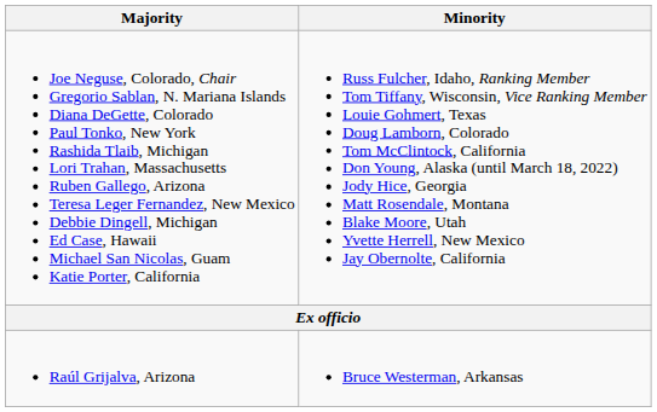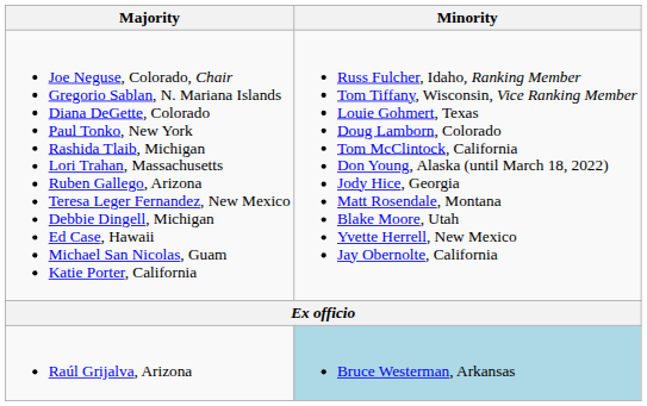 <table class=wikitable>
 <tr>
 <th>Majority</th>
 <th>Minority</th>
 </tr>
 <tr valign=top>
 <td><br><ul><li><a href='#'>Joe Neguse</a>, Colorado, <em>Chair</em></li><li><a href='#'>Gregorio Sablan</a>, N. Mariana Islands</li><li><a href='#'>Diana DeGette</a>, Colorado</li><li><a href='#'>Paul Tonko</a>, New York</li><li><a href='#'>Rashida Tlaib</a>, Michigan</li><li><a href='#'>Lori Trahan</a>, Massachusetts</li><li><a href='#'>Ruben Gallego</a>, Arizona</li><li><a href='#'>Teresa Leger Fernandez</a>, New Mexico</li><li><a href='#'>Debbie Dingell</a>, Michigan</li><li><a href='#'>Ed Case</a>, Hawaii</li><li><a href='#'>Michael San Nicolas</a>, Guam</li><li><a href='#'>Katie Porter</a>, California</li></ul></td>
 <td><br><ul><li><a href='#'>Russ Fulcher</a>, Idaho, <em>Ranking Member</em></li><li><a href='#'>Tom Tiffany</a>, Wisconsin, <em>Vice Ranking Member</em></li><li><a href='#'>Louie Gohmert</a>, Texas</li><li><a href='#'>Doug Lamborn</a>, Colorado</li><li><a href='#'>Tom McClintock</a>, California</li><li><a href='#'>Don Young</a>, Alaska (until March 18, 2022)</li><li><a href='#'>Jody Hice</a>, Georgia</li><li><a href='#'>Matt Rosendale</a>, Montana</li><li><a href='#'>Blake Moore</a>, Utah</li><li><a href='#'>Yvette Herrell</a>, New Mexico</li><li><a href='#'>Jay Obernolte</a>, California</li></ul></td>
 </tr>
 <tr>
 <th colspan=2><em>Ex officio</em></th>
 </tr>
 <tr>
 <td><br><ul><li><a href='#'>Raúl Grijalva</a>, Arizona</li></ul></td>
-<td><br><ul><li><a href='#'>Bruce Westerman</a>, Arkansas</li></ul></td>
+<td style="background: lightblue;"><br><ul><li><a href='#'>Bruce Westerman</a>, Arkansas</li></ul></td>
 </tr>
 </table>
